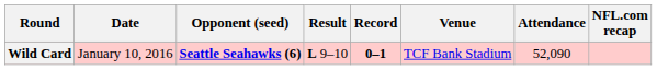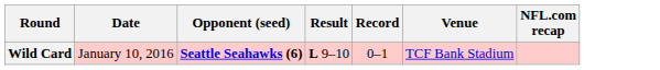 <table class="wikitable" style="text-align:center">
 <tr>
 <th>Round</th>
 <th>Date</th>
 <th>Opponent (seed)</th>
 <th>Result</th>
 <th>Record</th>
 <th>Venue</th>
-<th>Attendance</th>
 <th>NFL.com<br>recap</th>
 </tr>
 <tr style="background:#fcc">
 <th>Wild Card</th>
 <td>January 10, 2016</td>
 <td><strong><a href='#'>Seattle Seahawks</a> (6)</strong></td>
 <td><strong>L</strong> 9–10</td>
-<td><strong>0–1</strong></td>
+<td>0–1</td>
 <td><a href='#'>TCF Bank Stadium</a></td>
-<td>52,090</td>
 <td></td>
 </tr>
 </table>
